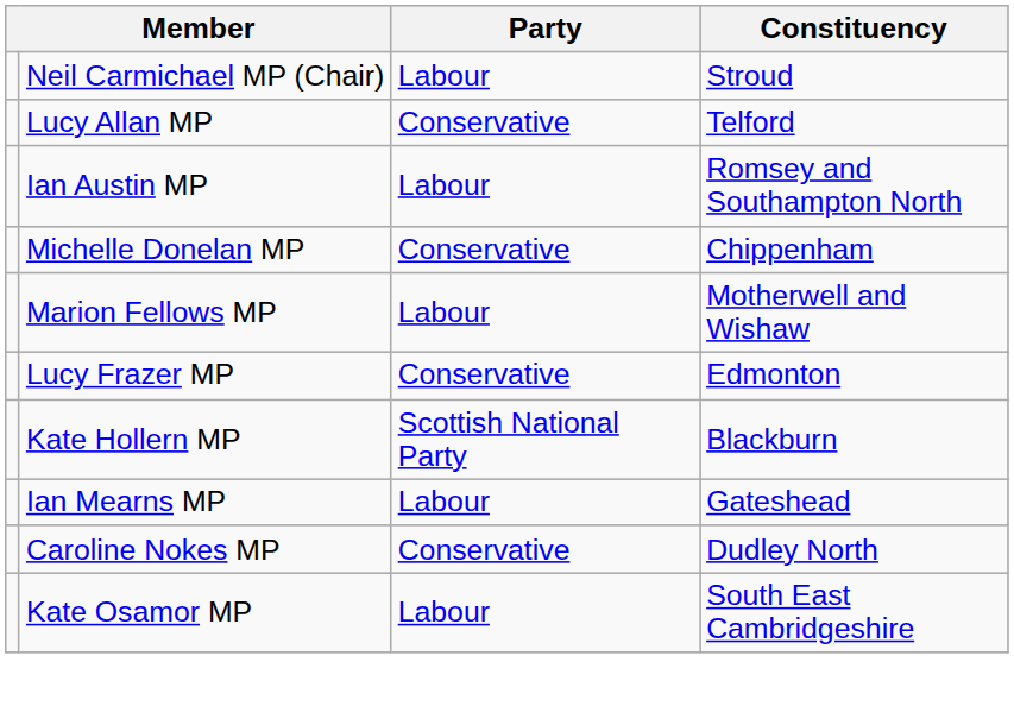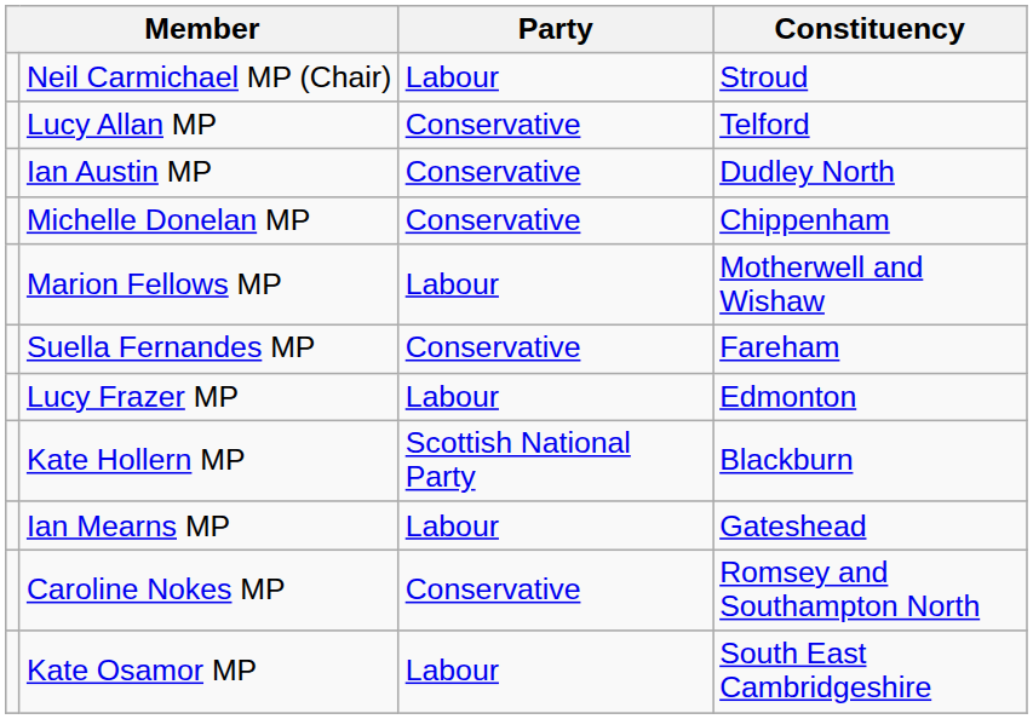 <table class="wikitable">
 <tr>
 <th width="160px" colspan="2" valign="top">Member</th>
 <th width="160px" valign="top">Party</th>
 <th width="160px" valign="top">Constituency</th>
 </tr>
 <tr>
 <td style="color:inherit;background:"></td>
 <td><a href='#'>Neil Carmichael</a> MP (Chair)</td>
 <td><a href='#'>Labour</a></td>
 <td><a href='#'>Stroud</a></td>
 </tr>
 <tr>
 <td style="color:inherit;background:"></td>
 <td><a href='#'>Lucy Allan</a> MP</td>
 <td><a href='#'>Conservative</a></td>
 <td><a href='#'>Telford</a></td>
 </tr>
 <tr>
 <td style="color:inherit;background:"></td>
 <td><a href='#'>Ian Austin</a> MP</td>
-<td><a href='#'>Labour</a></td>
-<td><a href='#'>Romsey and Southampton North</a></td>
+<td><a href='#'>Conservative</a></td>
+<td><a href='#'>Dudley North</a></td>
 </tr>
 <tr>
 <td style="color:inherit;background:"></td>
 <td><a href='#'>Michelle Donelan</a> MP</td>
 <td><a href='#'>Conservative</a></td>
 <td><a href='#'>Chippenham</a></td>
 </tr>
 <tr>
 <td style="color:inherit;background:"></td>
 <td><a href='#'>Marion Fellows</a> MP</td>
 <td><a href='#'>Labour</a></td>
 <td><a href='#'>Motherwell and Wishaw</a></td>
 </tr>
 <tr>
 <td style="color:inherit;background:"></td>
+<td><a href='#'>Suella Fernandes</a> MP</td>
+<td><a href='#'>Conservative</a></td>
+<td><a href='#'>Fareham</a></td>
+</tr>
+<tr>
+<td style="color:inherit;background:"></td>
 <td><a href='#'>Lucy Frazer</a> MP</td>
-<td><a href='#'>Conservative</a></td>
+<td><a href='#'>Labour</a></td>
 <td><a href='#'>Edmonton</a></td>
 </tr>
 <tr>
 <td style="color:inherit;background:"></td>
 <td><a href='#'>Kate Hollern</a> MP</td>
 <td><a href='#'>Scottish National Party</a></td>
 <td><a href='#'>Blackburn</a></td>
 </tr>
 <tr>
 <td style="color:inherit;background:"></td>
 <td><a href='#'>Ian Mearns</a> MP</td>
 <td><a href='#'>Labour</a></td>
 <td><a href='#'>Gateshead</a></td>
 </tr>
 <tr>
 <td style="color:inherit;background:"></td>
 <td><a href='#'>Caroline Nokes</a> MP</td>
 <td><a href='#'>Conservative</a></td>
-<td><a href='#'>Dudley North</a></td>
+<td><a href='#'>Romsey and Southampton North</a></td>
 </tr>
 <tr>
 <td style="color:inherit;background:"></td>
 <td><a href='#'>Kate Osamor</a> MP</td>
 <td><a href='#'>Labour</a></td>
 <td><a href='#'>South East Cambridgeshire</a></td>
 </tr>
 </table>
